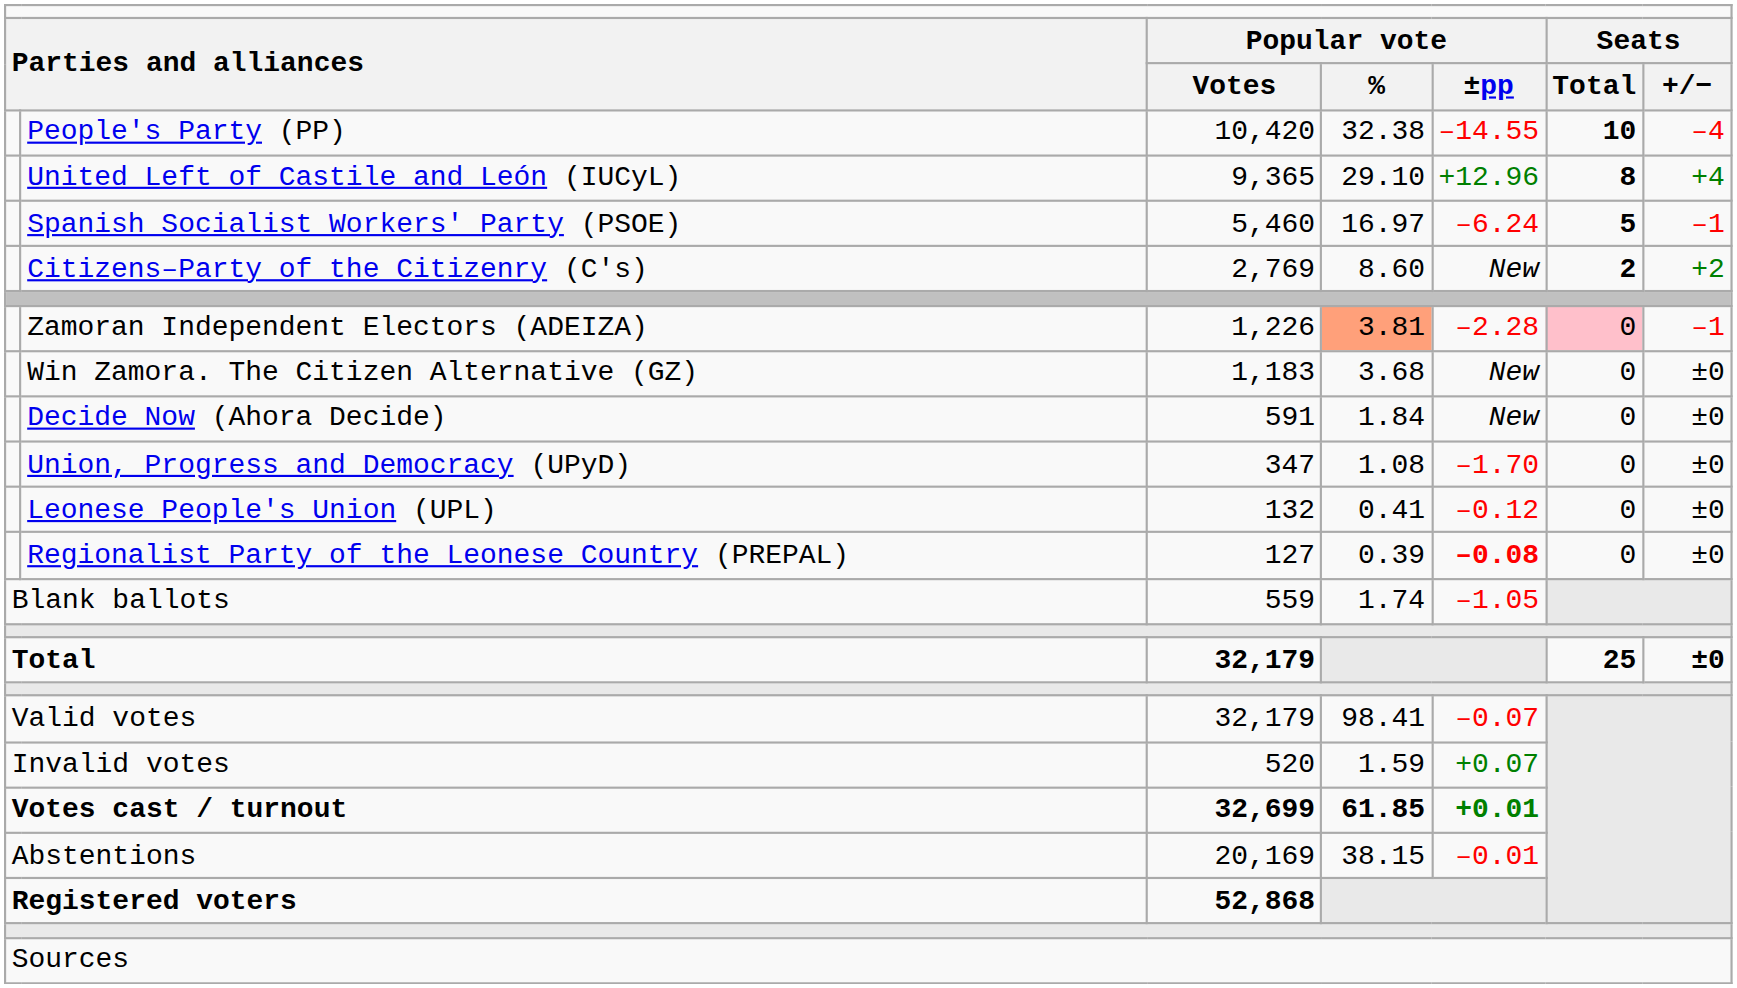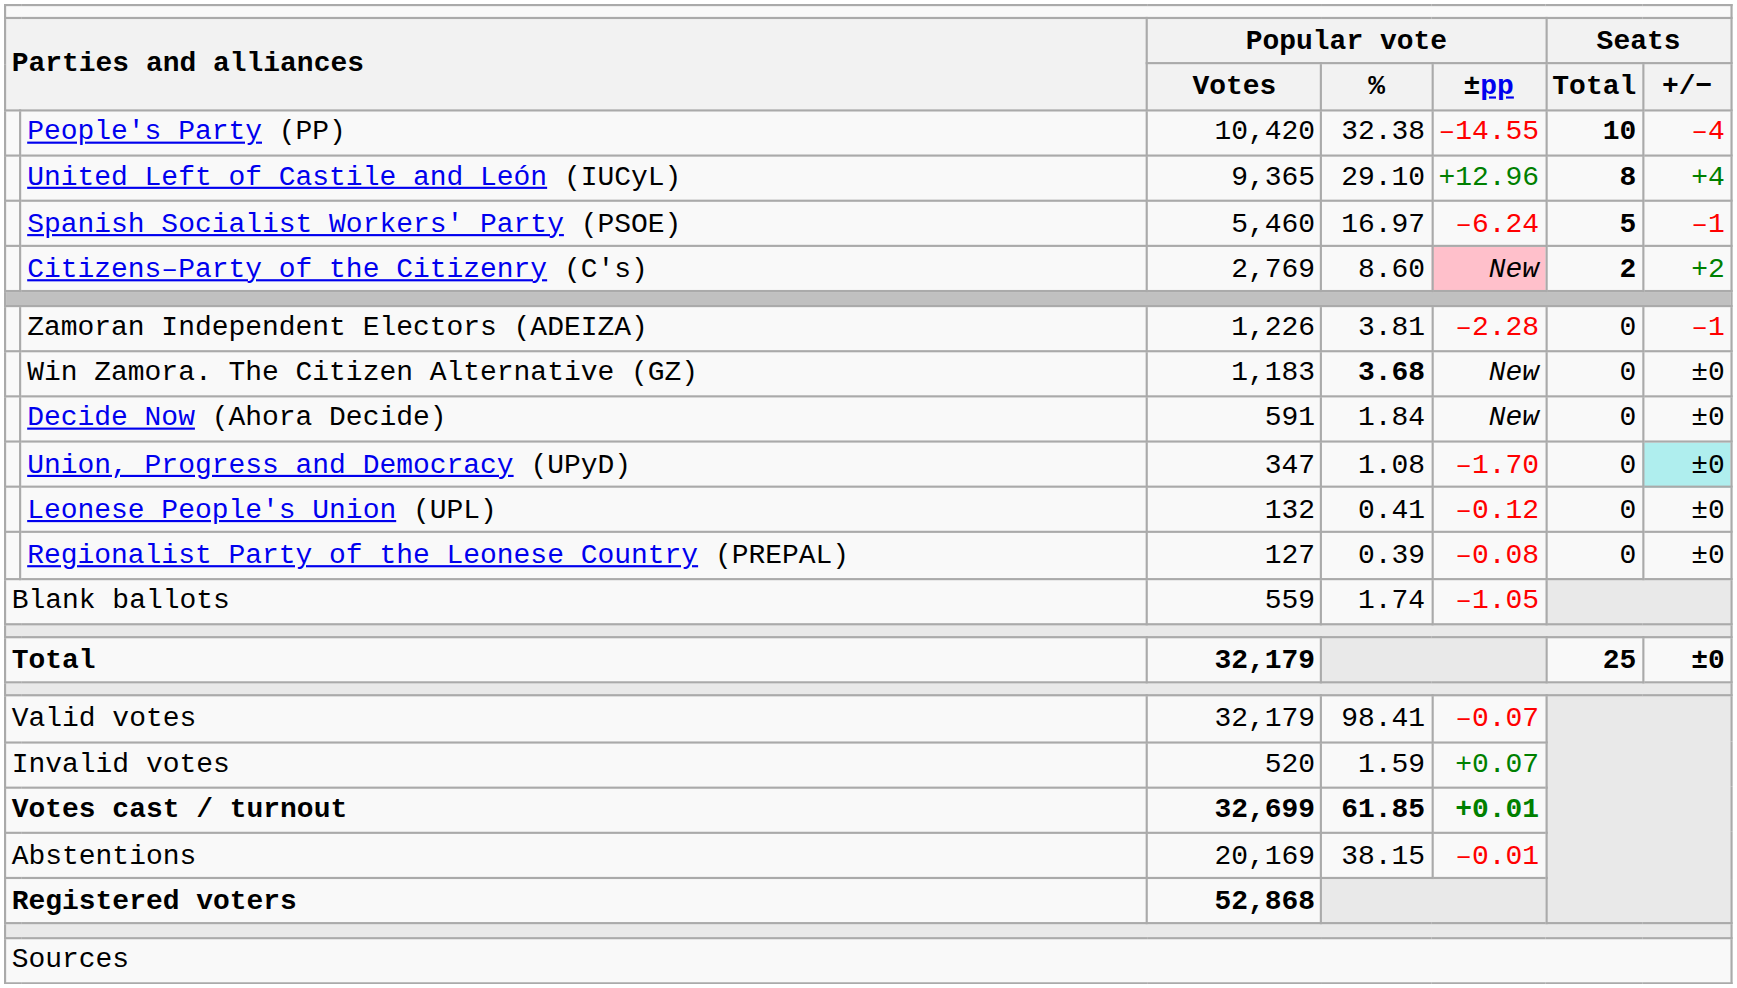 <table class="wikitable" style="text-align:right;">
 <tr>
 <td colspan="7"></td>
 </tr>
 <tr>
 <th style="text-align:left;" rowspan="2" colspan="2" width="525">Parties and alliances</th>
 <th colspan="3">Popular vote</th>
 <th colspan="2">Seats</th>
 </tr>
 <tr>
 <th width="75">Votes</th>
 <th width="45">%</th>
 <th width="45">±<a href='#'>pp</a></th>
 <th width="35">Total</th>
 <th width="35">+/−</th>
 </tr>
 <tr>
 <td width="1" style="color:inherit;background:"></td>
 <td align="left"><a href='#'>People's Party</a> (PP)</td>
 <td>10,420</td>
 <td>32.38</td>
 <td style="color:red;">–14.55</td>
 <td><strong>10</strong></td>
 <td style="color:red;">–4</td>
 </tr>
 <tr>
 <td style="color:inherit;background:"></td>
 <td align="left"><a href='#'>United Left of Castile and León</a> (IUCyL)</td>
 <td>9,365</td>
 <td>29.10</td>
 <td style="color:green;">+12.96</td>
 <td><strong>8</strong></td>
 <td style="color:green;">+4</td>
 </tr>
 <tr>
 <td style="color:inherit;background:"></td>
 <td align="left"><a href='#'>Spanish Socialist Workers' Party</a> (PSOE)</td>
 <td>5,460</td>
 <td>16.97</td>
 <td style="color:red;">–6.24</td>
 <td><strong>5</strong></td>
 <td style="color:red;">–1</td>
 </tr>
 <tr>
 <td style="color:inherit;background:"></td>
 <td align="left"><a href='#'>Citizens–Party of the Citizenry</a> (C's)</td>
 <td>2,769</td>
 <td>8.60</td>
-<td><em>New</em></td>
+<td style="background: pink;"><em>New</em></td>
 <td><strong>2</strong></td>
 <td style="color:green;">+2</td>
 </tr>
 <tr>
 <td colspan="7" bgcolor="#C0C0C0"></td>
 </tr>
 <tr>
 <td style="color:inherit;background:"></td>
 <td align="left">Zamoran Independent Electors (ADEIZA)</td>
 <td>1,226</td>
-<td style="background: lightsalmon;">3.81</td>
+<td>3.81</td>
 <td style="color:red;">–2.28</td>
-<td style="background: pink;">0</td>
+<td>0</td>
 <td style="color:red;">–1</td>
 </tr>
 <tr>
 <td style="color:inherit;background:"></td>
 <td align="left">Win Zamora. The Citizen Alternative (GZ)</td>
 <td>1,183</td>
-<td>3.68</td>
+<td><strong>3.68</strong></td>
 <td><em>New</em></td>
 <td>0</td>
 <td>±0</td>
 </tr>
 <tr>
 <td style="color:inherit;background:"></td>
 <td align="left"><a href='#'>Decide Now</a> (Ahora Decide)</td>
 <td>591</td>
 <td>1.84</td>
 <td><em>New</em></td>
 <td>0</td>
 <td>±0</td>
 </tr>
 <tr>
 <td style="color:inherit;background:"></td>
 <td align="left"><a href='#'>Union, Progress and Democracy</a> (UPyD)</td>
 <td>347</td>
 <td>1.08</td>
 <td style="color:red;">–1.70</td>
 <td>0</td>
-<td>±0</td>
+<td style="background: paleturquoise;">±0</td>
 </tr>
 <tr>
 <td style="color:inherit;background:"></td>
 <td align="left"><a href='#'>Leonese People's Union</a> (UPL)</td>
 <td>132</td>
 <td>0.41</td>
 <td style="color:red;">–0.12</td>
 <td>0</td>
 <td>±0</td>
 </tr>
 <tr>
 <td style="color:inherit;background:"></td>
 <td align="left"><a href='#'>Regionalist Party of the Leonese Country</a> (PREPAL)</td>
 <td>127</td>
 <td>0.39</td>
-<td style="color:red;"><strong>–0.08</strong></td>
+<td style="color:red;">–0.08</td>
 <td>0</td>
 <td>±0</td>
 </tr>
 <tr>
 <td align="left" colspan="2">Blank ballots</td>
 <td>559</td>
 <td>1.74</td>
 <td style="color:red;">–1.05</td>
 <td bgcolor="#E9E9E9" colspan="2"></td>
 </tr>
 <tr>
 <td colspan="7" bgcolor="#E9E9E9"></td>
 </tr>
 <tr style="font-weight:bold;">
 <td align="left" colspan="2">Total</td>
 <td>32,179</td>
 <td bgcolor="#E9E9E9" colspan="2"></td>
 <td>25</td>
 <td>±0</td>
 </tr>
 <tr>
 <td colspan="7" bgcolor="#E9E9E9"></td>
 </tr>
 <tr>
 <td align="left" colspan="2">Valid votes</td>
 <td>32,179</td>
 <td>98.41</td>
 <td style="color:red;">–0.07</td>
 <td bgcolor="#E9E9E9" colspan="2" rowspan="5"></td>
 </tr>
 <tr>
 <td align="left" colspan="2">Invalid votes</td>
 <td>520</td>
 <td>1.59</td>
 <td style="color:green;">+0.07</td>
 </tr>
 <tr style="font-weight:bold;">
 <td align="left" colspan="2">Votes cast / turnout</td>
 <td>32,699</td>
 <td>61.85</td>
 <td style="color:green;">+0.01</td>
 </tr>
 <tr>
 <td align="left" colspan="2">Abstentions</td>
 <td>20,169</td>
 <td>38.15</td>
 <td style="color:red;">–0.01</td>
 </tr>
 <tr style="font-weight:bold;">
 <td align="left" colspan="2">Registered voters</td>
 <td>52,868</td>
 <td bgcolor="#E9E9E9" colspan="2"></td>
 </tr>
 <tr>
 <td colspan="7" bgcolor="#E9E9E9"></td>
 </tr>
 <tr>
 <td align="left" colspan="7">Sources</td>
 </tr>
 </table>
